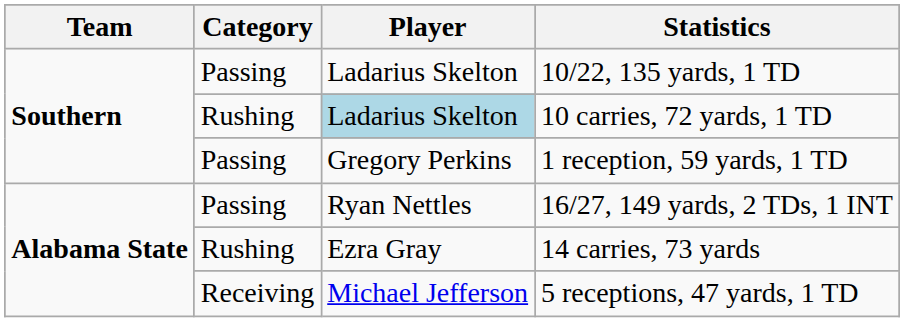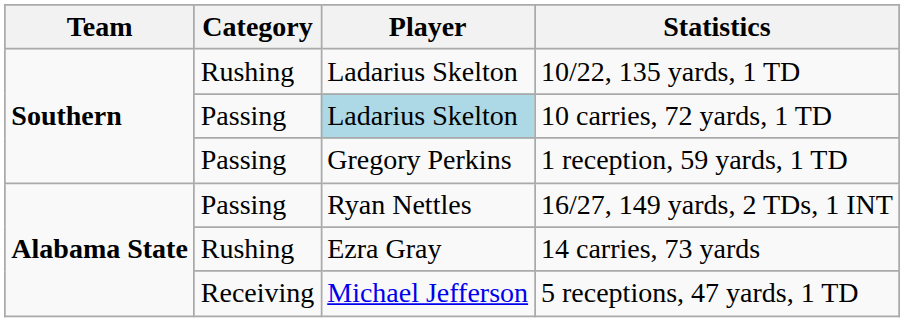 <table class="wikitable" style="float: left;">
 <tr>
 <th>Team</th>
 <th>Category</th>
 <th>Player</th>
 <th>Statistics</th>
 </tr>
 <tr>
 <td rowspan=3><strong>Southern</strong></td>
-<td>Passing</td>
+<td>Rushing</td>
 <td>Ladarius Skelton</td>
 <td>10/22, 135 yards, 1 TD</td>
 </tr>
 <tr>
-<td>Rushing</td>
+<td>Passing</td>
 <td style="background: lightblue;">Ladarius Skelton</td>
 <td>10 carries, 72 yards, 1 TD</td>
 </tr>
 <tr>
 <td>Passing</td>
 <td>Gregory Perkins</td>
 <td>1 reception, 59 yards, 1 TD</td>
 </tr>
 <tr>
 <td rowspan=3><strong>Alabama State</strong></td>
 <td>Passing</td>
 <td>Ryan Nettles</td>
 <td>16/27, 149 yards, 2 TDs, 1 INT</td>
 </tr>
 <tr>
 <td>Rushing</td>
 <td>Ezra Gray</td>
 <td>14 carries, 73 yards</td>
 </tr>
 <tr>
 <td>Receiving</td>
 <td><a href='#'>Michael Jefferson</a></td>
 <td>5 receptions, 47 yards, 1 TD</td>
 </tr>
 </table>
